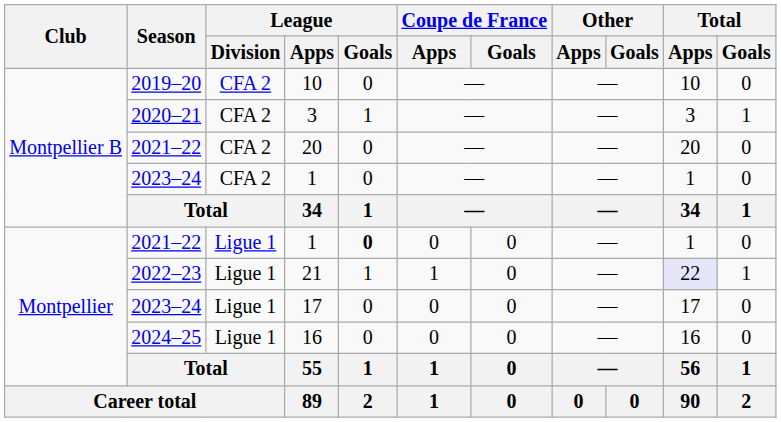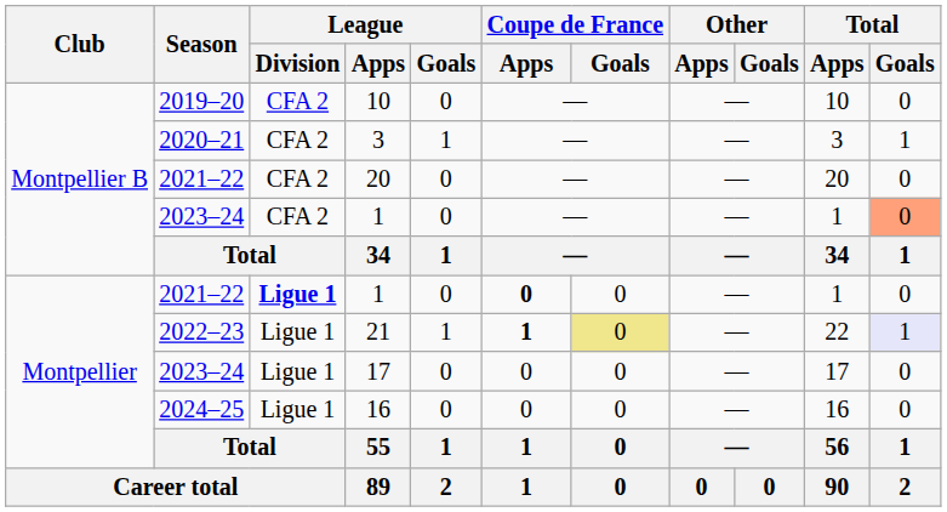 <table class="wikitable" style="text-align:center">
 <tr>
 <th rowspan="2">Club</th>
 <th rowspan="2">Season</th>
 <th colspan="3">League</th>
 <th colspan="2"><a href='#'>Coupe de France</a></th>
 <th colspan="2">Other</th>
 <th colspan="2">Total</th>
 </tr>
 <tr>
 <th>Division</th>
 <th>Apps</th>
 <th>Goals</th>
 <th>Apps</th>
 <th>Goals</th>
 <th>Apps</th>
 <th>Goals</th>
 <th>Apps</th>
 <th>Goals</th>
 </tr>
 <tr>
 <td rowspan="5"><a href='#'>Montpellier B</a></td>
 <td><a href='#'>2019–20</a></td>
 <td><a href='#'>CFA 2</a></td>
 <td>10</td>
 <td>0</td>
 <td colspan="2">—</td>
 <td colspan="2">—</td>
 <td>10</td>
 <td>0</td>
 </tr>
 <tr>
 <td><a href='#'>2020–21</a></td>
 <td>CFA 2</td>
 <td>3</td>
 <td>1</td>
 <td colspan="2">—</td>
 <td colspan="2">—</td>
 <td>3</td>
 <td>1</td>
 </tr>
 <tr>
 <td><a href='#'>2021–22</a></td>
 <td>CFA 2</td>
 <td>20</td>
 <td>0</td>
 <td colspan="2">—</td>
 <td colspan="2">—</td>
 <td>20</td>
 <td>0</td>
 </tr>
 <tr>
 <td><a href='#'>2023–24</a></td>
 <td>CFA 2</td>
 <td>1</td>
 <td>0</td>
 <td colspan="2">—</td>
 <td colspan="2">—</td>
 <td>1</td>
-<td>0</td>
+<td style="background: lightsalmon;">0</td>
 </tr>
 <tr>
 <th colspan="2">Total</th>
 <th>34</th>
 <th>1</th>
 <th colspan="2">—</th>
 <th colspan="2">—</th>
 <th>34</th>
 <th>1</th>
 </tr>
 <tr>
 <td rowspan="5"><a href='#'>Montpellier</a></td>
 <td><a href='#'>2021–22</a></td>
-<td><a href='#'>Ligue 1</a></td>
+<td><strong><a href='#'>Ligue 1</a></strong></td>
 <td>1</td>
+<td>0</td>
 <td><strong>0</strong></td>
-<td>0</td>
 <td>0</td>
 <td colspan="2">—</td>
 <td>1</td>
 <td>0</td>
 </tr>
 <tr>
 <td><a href='#'>2022–23</a></td>
 <td>Ligue 1</td>
 <td>21</td>
 <td>1</td>
-<td>1</td>
-<td>0</td>
+<td><strong>1</strong></td>
+<td style="background: khaki;">0</td>
 <td colspan="2">—</td>
-<td style="background: lavender;">22</td>
-<td>1</td>
+<td>22</td>
+<td style="background: lavender;">1</td>
 </tr>
 <tr>
 <td><a href='#'>2023–24</a></td>
 <td>Ligue 1</td>
 <td>17</td>
 <td>0</td>
 <td>0</td>
 <td>0</td>
 <td colspan="2">—</td>
 <td>17</td>
 <td>0</td>
 </tr>
 <tr>
 <td><a href='#'>2024–25</a></td>
 <td>Ligue 1</td>
 <td>16</td>
 <td>0</td>
 <td>0</td>
 <td>0</td>
 <td colspan="2">—</td>
 <td>16</td>
 <td>0</td>
 </tr>
 <tr>
 <th colspan="2">Total</th>
 <th>55</th>
 <th>1</th>
 <th>1</th>
 <th>0</th>
 <th colspan="2">—</th>
 <th>56</th>
 <th>1</th>
 </tr>
 <tr>
 <th colspan="3">Career total</th>
 <th>89</th>
 <th>2</th>
 <th>1</th>
 <th>0</th>
 <th>0</th>
 <th>0</th>
 <th>90</th>
 <th>2</th>
 </tr>
 </table>
